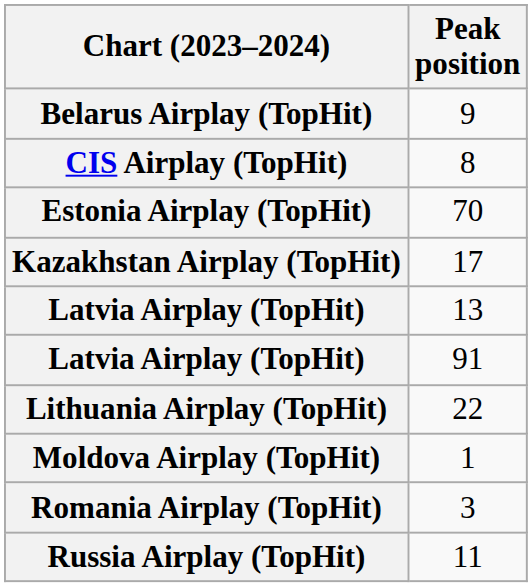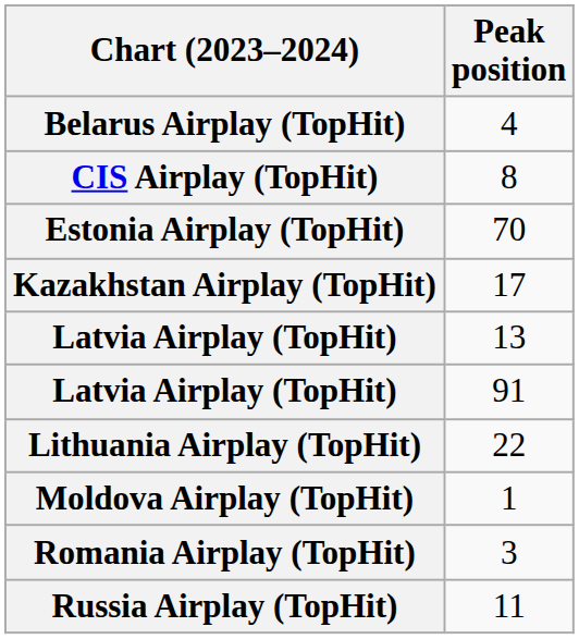 <table class="wikitable plainrowheaders sortable" style="text-align:center">
 <tr>
 <th scope="col">Chart (2023–2024)</th>
 <th scope="col">Peak<br>position</th>
 </tr>
 <tr>
 <th scope="row">Belarus Airplay (TopHit)</th>
-<td>9</td>
+<td>4</td>
 </tr>
 <tr>
 <th scope="row"><a href='#'>CIS</a> Airplay (TopHit)</th>
 <td>8</td>
 </tr>
 <tr>
 <th scope="row">Estonia Airplay (TopHit)</th>
 <td>70</td>
 </tr>
 <tr>
 <th scope="row">Kazakhstan Airplay (TopHit)</th>
 <td>17</td>
 </tr>
 <tr>
 <th scope="row">Latvia Airplay (TopHit)</th>
 <td>13</td>
 </tr>
 <tr>
 <th scope="row">Latvia Airplay (TopHit)<br></th>
 <td>91</td>
 </tr>
 <tr>
 <th scope="row">Lithuania Airplay (TopHit)</th>
 <td>22</td>
 </tr>
 <tr>
 <th scope="row">Moldova Airplay (TopHit)</th>
 <td>1</td>
 </tr>
 <tr>
 <th scope="row">Romania Airplay (TopHit)</th>
 <td>3</td>
 </tr>
 <tr>
 <th scope="row">Russia Airplay (TopHit)</th>
 <td>11</td>
 </tr>
 </table>
